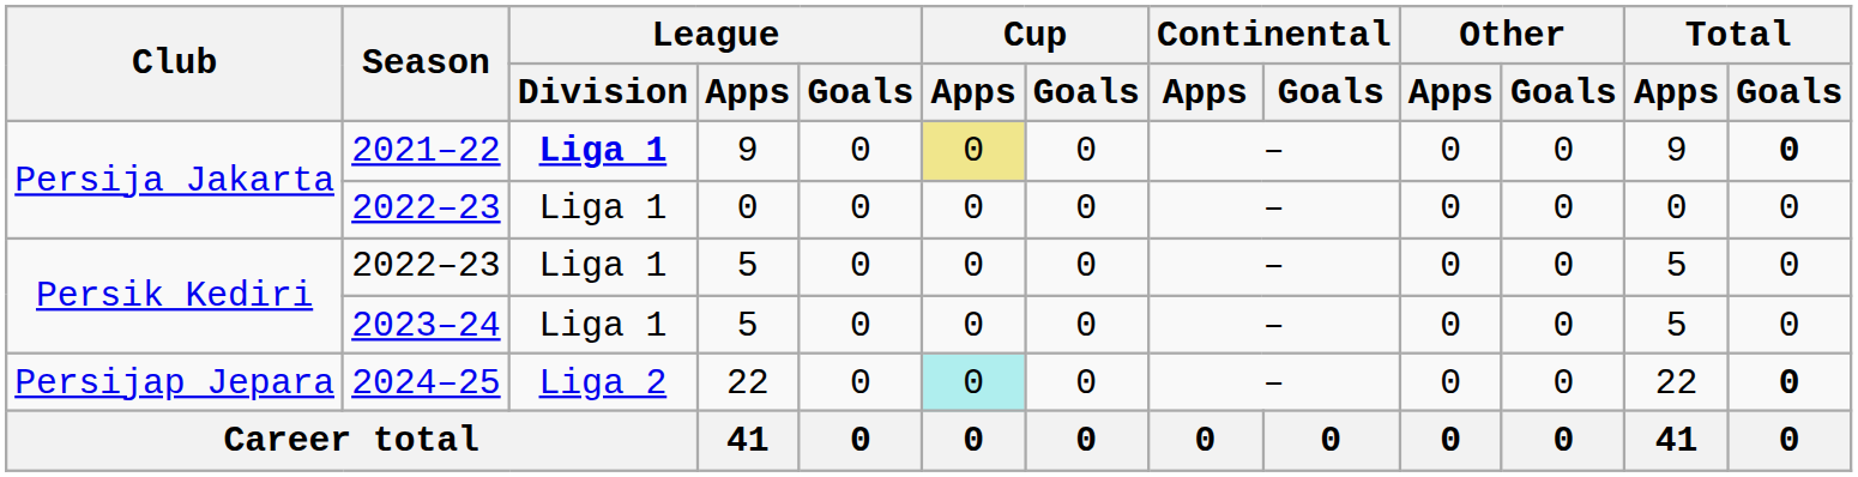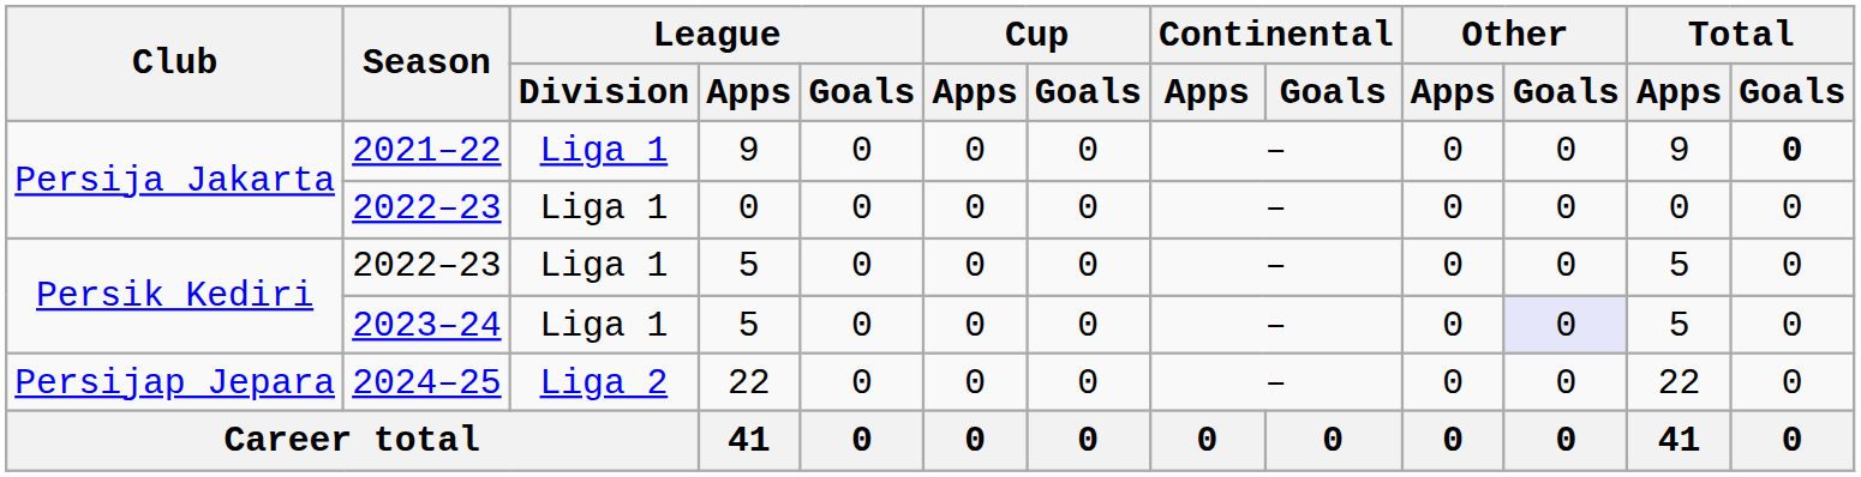 <table class="wikitable" style="text-align: center">
 <tr>
 <th rowspan="2">Club</th>
 <th rowspan="2">Season</th>
 <th colspan="3">League</th>
 <th colspan="2">Cup</th>
 <th colspan="2">Continental</th>
 <th colspan="2">Other</th>
 <th colspan="2">Total</th>
 </tr>
 <tr>
 <th>Division</th>
 <th>Apps</th>
 <th>Goals</th>
 <th>Apps</th>
 <th>Goals</th>
 <th>Apps</th>
 <th>Goals</th>
 <th>Apps</th>
 <th>Goals</th>
 <th>Apps</th>
 <th>Goals</th>
 </tr>
 <tr>
 <td rowspan="2"><a href='#'>Persija Jakarta</a></td>
 <td><a href='#'>2021–22</a></td>
-<td rowspan="1" valign="center"><strong><a href='#'>Liga 1</a></strong></td>
+<td rowspan="1" valign="center"><a href='#'>Liga 1</a></td>
 <td>9</td>
 <td>0</td>
-<td style="background: khaki;">0</td>
+<td>0</td>
 <td>0</td>
 <td colspan="2">–</td>
 <td>0</td>
 <td>0</td>
 <td>9</td>
 <td><strong>0</strong></td>
 </tr>
 <tr>
 <td><a href='#'>2022–23</a></td>
 <td>Liga 1</td>
 <td>0</td>
 <td>0</td>
 <td>0</td>
 <td>0</td>
 <td colspan="2">–</td>
 <td>0</td>
 <td>0</td>
 <td>0</td>
 <td>0</td>
 </tr>
 <tr>
 <td rowspan="2"><a href='#'>Persik Kediri</a></td>
 <td>2022–23</td>
 <td rowspan="1" valign="center">Liga 1</td>
 <td>5</td>
 <td>0</td>
 <td>0</td>
 <td>0</td>
 <td colspan=2>–</td>
 <td>0</td>
 <td>0</td>
 <td>5</td>
 <td>0</td>
 </tr>
 <tr>
 <td><a href='#'>2023–24</a></td>
 <td rowspan="1">Liga 1</td>
 <td>5</td>
 <td>0</td>
 <td>0</td>
 <td>0</td>
 <td colspan="2">–</td>
 <td>0</td>
-<td>0</td>
+<td style="background: lavender;">0</td>
 <td>5</td>
 <td>0</td>
 </tr>
 <tr>
 <td rowspan="1"><a href='#'>Persijap Jepara</a></td>
 <td><a href='#'>2024–25</a></td>
 <td rowspan="1"><a href='#'>Liga 2</a></td>
 <td>22</td>
 <td>0</td>
-<td style="background: paleturquoise;">0</td>
+<td>0</td>
 <td>0</td>
 <td colspan="2">–</td>
 <td>0</td>
 <td>0</td>
 <td>22</td>
-<td><strong>0</strong></td>
+<td>0</td>
 </tr>
 <tr>
 <th colspan=3>Career total</th>
 <th>41</th>
 <th>0</th>
 <th>0</th>
 <th>0</th>
 <th>0</th>
 <th>0</th>
 <th>0</th>
 <th>0</th>
 <th>41</th>
 <th>0</th>
 </tr>
 </table>
